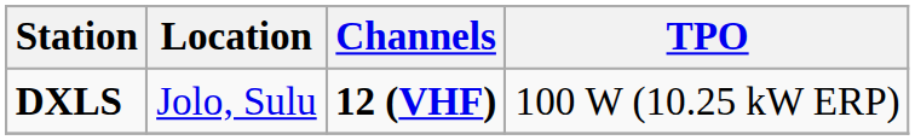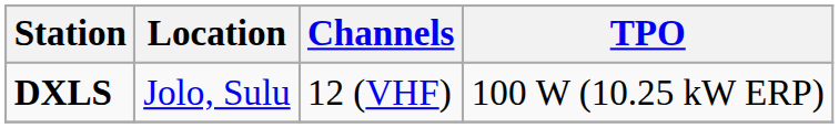 <table class="wikitable">
 <tr>
 <th>Station</th>
 <th>Location</th>
 <th><a href='#'>Channels</a></th>
 <th><a href='#'>TPO</a></th>
 </tr>
 <tr style="vertical-align: top; text-align: left;">
 <td><strong>DXLS</strong></td>
 <td><a href='#'>Jolo, Sulu</a></td>
-<td><strong>12 (<a href='#'>VHF</a>)</strong></td>
+<td>12 (<a href='#'>VHF</a>)</td>
 <td>100 W (10.25 kW ERP)</td>
 </tr>
 <tr>
 </tr>
 </table>
